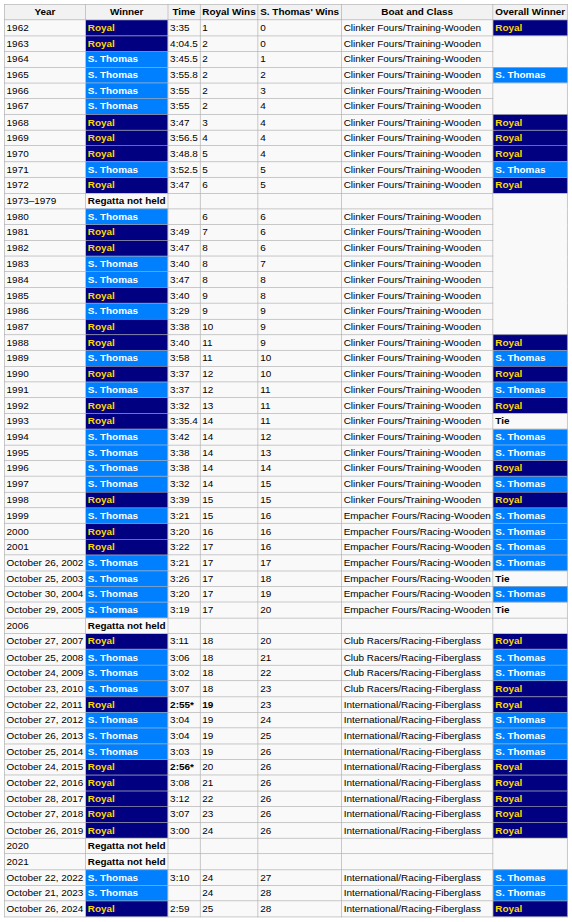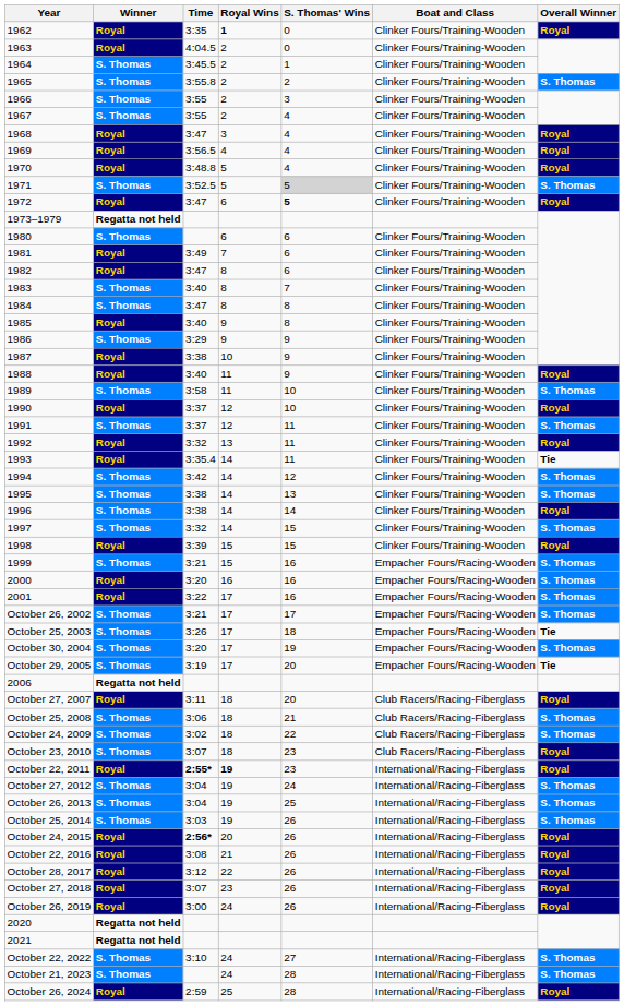 <table class="wikitable">
 <tr>
 <th>Year</th>
 <th>Winner</th>
 <th>Time</th>
 <th>Royal Wins</th>
 <th>S. Thomas' Wins</th>
 <th>Boat and Class</th>
 <th>Overall Winner</th>
 </tr>
 <tr>
 <td>1962</td>
 <td style="background:#000080; color:#FFD700"><strong>Royal</strong></td>
 <td>3:35</td>
-<td>1</td>
+<td><strong>1</strong></td>
 <td>0</td>
 <td>Clinker Fours/Training-Wooden</td>
 <td style="background:#000080; color:#FFD700"><strong>Royal</strong></td>
 </tr>
 <tr>
 <td>1963</td>
 <td style="background:#000080; color:#FFD700"><strong>Royal</strong></td>
 <td>4:04.5</td>
 <td>2</td>
 <td>0</td>
 <td>Clinker Fours/Training-Wooden</td>
 </tr>
 <tr>
 <td>1964</td>
 <td style="background:#007FFF; color:white;"><strong>S. Thomas</strong></td>
 <td>3:45.5</td>
 <td>2</td>
 <td>1</td>
 <td>Clinker Fours/Training-Wooden</td>
 </tr>
 <tr>
 <td>1965</td>
 <td style="background:#007FFF; color:white;"><strong>S. Thomas</strong></td>
 <td>3:55.8</td>
 <td>2</td>
 <td>2</td>
 <td>Clinker Fours/Training-Wooden</td>
 <td style="background:#007FFF; color:white;"><strong>S. Thomas</strong></td>
 </tr>
 <tr>
 <td>1966</td>
 <td style="background:#007FFF; color:white;"><strong>S. Thomas</strong></td>
 <td>3:55</td>
 <td>2</td>
 <td>3</td>
 <td>Clinker Fours/Training-Wooden</td>
 </tr>
 <tr>
 <td>1967</td>
 <td style="background:#007FFF; color:white;"><strong>S. Thomas</strong></td>
 <td>3:55</td>
 <td>2</td>
 <td>4</td>
 <td>Clinker Fours/Training-Wooden</td>
 </tr>
 <tr>
 <td>1968</td>
 <td style="background:#000080; color:#FFD700"><strong>Royal</strong></td>
 <td>3:47</td>
 <td>3</td>
 <td>4</td>
 <td>Clinker Fours/Training-Wooden</td>
 <td style="background:#000080; color:#FFD700"><strong>Royal</strong></td>
 </tr>
 <tr>
 <td>1969</td>
 <td style="background:#000080; color:#FFD700"><strong>Royal</strong></td>
 <td>3:56.5</td>
 <td>4</td>
 <td>4</td>
 <td>Clinker Fours/Training-Wooden</td>
 <td style="background:#000080; color:#FFD700"><strong>Royal</strong></td>
 </tr>
 <tr>
 <td>1970</td>
 <td style="background:#000080; color:#FFD700"><strong>Royal</strong></td>
 <td>3:48.8</td>
 <td>5</td>
 <td>4</td>
 <td>Clinker Fours/Training-Wooden</td>
 <td style="background:#000080; color:#FFD700"><strong>Royal</strong></td>
 </tr>
 <tr>
 <td>1971</td>
 <td style="background:#007FFF; color:white;"><strong>S. Thomas</strong></td>
 <td>3:52.5</td>
 <td>5</td>
-<td>5</td>
+<td style="background: lightgrey;">5</td>
 <td>Clinker Fours/Training-Wooden</td>
 <td style="background:#007FFF; color:white;"><strong>S. Thomas</strong></td>
 </tr>
 <tr>
 <td>1972</td>
 <td style="background:#000080; color:#FFD700"><strong>Royal</strong></td>
 <td>3:47</td>
 <td>6</td>
-<td>5</td>
+<td><strong>5</strong></td>
 <td>Clinker Fours/Training-Wooden</td>
 <td style="background:#000080; color:#FFD700"><strong>Royal</strong></td>
 </tr>
 <tr>
 <td>1973–1979</td>
 <td><strong>Regatta not held</strong></td>
 <td></td>
 <td></td>
 <td></td>
 <td></td>
 </tr>
 <tr>
 <td>1980</td>
 <td style="background:#007FFF; color:white;"><strong>S. Thomas</strong></td>
 <td></td>
 <td>6</td>
 <td>6</td>
 <td>Clinker Fours/Training-Wooden</td>
 </tr>
 <tr>
 <td>1981</td>
 <td style="background:#000080; color:#FFD700"><strong>Royal</strong></td>
 <td>3:49</td>
 <td>7</td>
 <td>6</td>
 <td>Clinker Fours/Training-Wooden</td>
 </tr>
 <tr>
 <td>1982</td>
 <td style="background:#000080; color:#FFD700"><strong>Royal</strong></td>
 <td>3:47</td>
 <td>8</td>
 <td>6</td>
 <td>Clinker Fours/Training-Wooden</td>
 </tr>
 <tr>
 <td>1983</td>
 <td style="background:#007FFF; color:white;"><strong>S. Thomas</strong></td>
 <td>3:40</td>
 <td>8</td>
 <td>7</td>
 <td>Clinker Fours/Training-Wooden</td>
 </tr>
 <tr>
 <td>1984</td>
 <td style="background:#007FFF; color:white;"><strong>S. Thomas</strong></td>
 <td>3:47</td>
 <td>8</td>
 <td>8</td>
 <td>Clinker Fours/Training-Wooden</td>
 </tr>
 <tr>
 <td>1985</td>
 <td style="background:#000080; color:#FFD700"><strong>Royal</strong></td>
 <td>3:40</td>
 <td>9</td>
 <td>8</td>
 <td>Clinker Fours/Training-Wooden</td>
 </tr>
 <tr>
 <td>1986</td>
 <td style="background:#007FFF; color:white;"><strong>S. Thomas</strong></td>
 <td>3:29</td>
 <td>9</td>
 <td>9</td>
 <td>Clinker Fours/Training-Wooden</td>
 </tr>
 <tr>
 <td>1987</td>
 <td style="background:#000080; color:#FFD700"><strong>Royal</strong></td>
 <td>3:38</td>
 <td>10</td>
 <td>9</td>
 <td>Clinker Fours/Training-Wooden</td>
 </tr>
 <tr>
 <td>1988</td>
 <td style="background:#000080; color:#FFD700"><strong>Royal</strong></td>
 <td>3:40</td>
 <td>11</td>
 <td>9</td>
 <td>Clinker Fours/Training-Wooden</td>
 <td style="background:#000080; color:#FFD700"><strong>Royal</strong></td>
 </tr>
 <tr>
 <td>1989</td>
 <td style="background:#007FFF; color:white;"><strong>S. Thomas</strong></td>
 <td>3:58</td>
 <td>11</td>
 <td>10</td>
 <td>Clinker Fours/Training-Wooden</td>
 <td style="background:#007FFF; color:white;"><strong>S. Thomas</strong></td>
 </tr>
 <tr>
 <td>1990</td>
 <td style="background:#000080; color:#FFD700"><strong>Royal</strong></td>
 <td>3:37</td>
 <td>12</td>
 <td>10</td>
 <td>Clinker Fours/Training-Wooden</td>
 <td style="background:#000080; color:#FFD700"><strong>Royal</strong></td>
 </tr>
 <tr>
 <td>1991</td>
 <td style="background:#007FFF; color:white;"><strong>S. Thomas</strong></td>
 <td>3:37</td>
 <td>12</td>
 <td>11</td>
 <td>Clinker Fours/Training-Wooden</td>
 <td style="background:#007FFF; color:white;"><strong>S. Thomas</strong></td>
 </tr>
 <tr>
 <td>1992</td>
 <td style="background:#000080; color:#FFD700"><strong>Royal</strong></td>
 <td>3:32</td>
 <td>13</td>
 <td>11</td>
 <td>Clinker Fours/Training-Wooden</td>
 <td style="background:#000080; color:#FFD700"><strong>Royal</strong></td>
 </tr>
 <tr>
 <td>1993</td>
 <td style="background:#000080; color:#FFD700"><strong>Royal</strong></td>
 <td>3:35.4</td>
 <td>14</td>
 <td>11</td>
 <td>Clinker Fours/Training-Wooden</td>
 <td><strong>Tie</strong></td>
 </tr>
 <tr>
 <td>1994</td>
 <td style="background:#007FFF; color:white;"><strong>S. Thomas</strong></td>
 <td>3:42</td>
 <td>14</td>
 <td>12</td>
 <td>Clinker Fours/Training-Wooden</td>
 <td style="background:#007FFF; color:white;"><strong>S. Thomas</strong></td>
 </tr>
 <tr>
 <td>1995</td>
 <td style="background:#007FFF; color:white;"><strong>S. Thomas</strong></td>
 <td>3:38</td>
 <td>14</td>
 <td>13</td>
 <td>Clinker Fours/Training-Wooden</td>
 <td style="background:#007FFF; color:white;"><strong>S. Thomas</strong></td>
 </tr>
 <tr>
 <td>1996</td>
 <td style="background:#007FFF; color:white;"><strong>S. Thomas</strong></td>
 <td>3:38</td>
 <td>14</td>
 <td>14</td>
 <td>Clinker Fours/Training-Wooden</td>
 <td style="background:#000080; color:#FFD700"><strong>Royal</strong></td>
 </tr>
 <tr>
 <td>1997</td>
 <td style="background:#007FFF; color:white;"><strong>S. Thomas</strong></td>
 <td>3:32</td>
 <td>14</td>
 <td>15</td>
 <td>Clinker Fours/Training-Wooden</td>
 <td style="background:#007FFF; color:white;"><strong>S. Thomas</strong></td>
 </tr>
 <tr>
 <td>1998</td>
 <td style="background:#000080; color:#FFD700"><strong>Royal</strong></td>
 <td>3:39</td>
 <td>15</td>
 <td>15</td>
 <td>Clinker Fours/Training-Wooden</td>
 <td style="background:#000080; color:#FFD700"><strong>Royal</strong></td>
 </tr>
 <tr>
 <td>1999</td>
 <td style="background:#007FFF; color:white;"><strong>S. Thomas</strong></td>
 <td>3:21</td>
 <td>15</td>
 <td>16</td>
 <td>Empacher Fours/Racing-Wooden</td>
 <td style="background:#007FFF; color:white;"><strong>S. Thomas</strong></td>
 </tr>
 <tr>
 <td>2000</td>
 <td style="background:#000080; color:#FFD700"><strong>Royal</strong></td>
 <td>3:20</td>
 <td>16</td>
 <td>16</td>
 <td>Empacher Fours/Racing-Wooden</td>
 <td style="background:#007FFF; color:white;"><strong>S. Thomas</strong></td>
 </tr>
 <tr>
 <td>2001</td>
 <td style="background:#000080; color:#FFD700"><strong>Royal</strong></td>
 <td>3:22</td>
 <td>17</td>
 <td>16</td>
 <td>Empacher Fours/Racing-Wooden</td>
 <td style="background:#007FFF; color:white;"><strong>S. Thomas</strong></td>
 </tr>
 <tr>
 <td>October 26, 2002</td>
 <td style="background:#007FFF; color:white;"><strong>S. Thomas</strong></td>
 <td>3:21</td>
 <td>17</td>
 <td>17</td>
 <td>Empacher Fours/Racing-Wooden</td>
 <td style="background:#007FFF; color:white;"><strong>S. Thomas</strong></td>
 </tr>
 <tr>
 <td>October 25, 2003</td>
 <td style="background:#007FFF; color:white;"><strong>S. Thomas</strong></td>
 <td>3:26</td>
 <td>17</td>
 <td>18</td>
 <td>Empacher Fours/Racing-Wooden</td>
 <td><strong>Tie</strong></td>
 </tr>
 <tr>
 <td>October 30, 2004</td>
 <td style="background:#007FFF; color:white;"><strong>S. Thomas</strong></td>
 <td>3:20</td>
 <td>17</td>
 <td>19</td>
 <td>Empacher Fours/Racing-Wooden</td>
 <td style="background:#007FFF; color:white;"><strong>S. Thomas</strong></td>
 </tr>
 <tr>
 <td>October 29, 2005</td>
 <td style="background:#007FFF; color:white;"><strong>S. Thomas</strong></td>
 <td>3:19</td>
 <td>17</td>
 <td>20</td>
 <td>Empacher Fours/Racing-Wooden</td>
 <td><strong>Tie</strong></td>
 </tr>
 <tr>
 <td>2006</td>
 <td><strong>Regatta not held</strong></td>
 <td></td>
 <td></td>
 <td></td>
 <td></td>
 </tr>
 <tr>
 <td>October 27, 2007</td>
 <td style="background:#000080; color:#FFD700"><strong>Royal</strong></td>
 <td>3:11</td>
 <td>18</td>
 <td>20</td>
 <td>Club Racers/Racing-Fiberglass</td>
 <td style="background:#000080; color:#FFD700"><strong>Royal</strong></td>
 </tr>
 <tr>
 <td>October 25, 2008</td>
 <td style="background:#007FFF; color:white;"><strong>S. Thomas</strong></td>
 <td>3:06</td>
 <td>18</td>
 <td>21</td>
 <td>Club Racers/Racing-Fiberglass</td>
 <td style="background:#007FFF; color:white;"><strong>S. Thomas</strong></td>
 </tr>
 <tr>
 <td>October 24, 2009</td>
 <td style="background:#007FFF; color:white;"><strong>S. Thomas</strong></td>
 <td>3:02</td>
 <td>18</td>
 <td>22</td>
 <td>Club Racers/Racing-Fiberglass</td>
 <td style="background:#007FFF; color:white;"><strong>S. Thomas</strong></td>
 </tr>
 <tr>
 <td>October 23, 2010</td>
 <td style="background:#007FFF; color:white;"><strong>S. Thomas</strong></td>
 <td>3:07</td>
 <td>18</td>
 <td>23</td>
 <td>Club Racers/Racing-Fiberglass</td>
 <td style="background:#000080; color:#FFD700"><strong>Royal</strong></td>
 </tr>
 <tr>
 <td>October 22, 2011</td>
 <td style="background:#000080; color:#FFD700"><strong>Royal</strong></td>
 <td><strong>2:55*</strong></td>
 <td><strong>19</strong></td>
 <td>23</td>
 <td>International/Racing-Fiberglass</td>
 <td style="background:#000080; color:#FFD700"><strong>Royal</strong></td>
 </tr>
 <tr>
 <td>October 27, 2012</td>
 <td style="background:#007FFF; color:white;"><strong>S. Thomas</strong></td>
 <td>3:04</td>
 <td>19</td>
 <td>24</td>
 <td>International/Racing-Fiberglass</td>
 <td style="background:#007FFF; color:white;"><strong>S. Thomas</strong></td>
 </tr>
 <tr>
 <td>October 26, 2013</td>
 <td style="background:#007FFF; color:white;"><strong>S. Thomas</strong></td>
 <td>3:04</td>
 <td>19</td>
 <td>25</td>
 <td>International/Racing-Fiberglass</td>
 <td style="background:#007FFF; color:white;"><strong>S. Thomas</strong></td>
 </tr>
 <tr>
 <td>October 25, 2014</td>
 <td style="background:#007FFF; color:white;"><strong>S. Thomas</strong></td>
 <td>3:03</td>
 <td>19</td>
 <td>26</td>
 <td>International/Racing-Fiberglass</td>
 <td style="background:#007FFF; color:white;"><strong>S. Thomas</strong></td>
 </tr>
 <tr>
 <td>October 24, 2015</td>
 <td style="background:#000080; color:#FFD700"><strong>Royal</strong></td>
 <td><strong>2:56*</strong></td>
 <td>20</td>
 <td>26</td>
 <td>International/Racing-Fiberglass</td>
 <td style="background:#000080; color:#FFD700"><strong>Royal</strong></td>
 </tr>
 <tr>
 <td>October 22, 2016</td>
 <td style="background:#000080; color:#FFD700"><strong>Royal</strong></td>
 <td>3:08</td>
 <td>21</td>
 <td>26</td>
 <td>International/Racing-Fiberglass</td>
 <td style="background:#000080; color:#FFD700"><strong>Royal</strong></td>
 </tr>
 <tr>
 <td>October 28, 2017</td>
 <td style="background:#000080; color:#FFD700"><strong>Royal</strong></td>
 <td>3:12</td>
 <td>22</td>
 <td>26</td>
 <td>International/Racing-Fiberglass</td>
 <td style="background:#000080; color:#FFD700"><strong>Royal</strong></td>
 </tr>
 <tr>
 <td>October 27, 2018</td>
 <td style="background:#000080; color:#FFD700"><strong>Royal</strong></td>
 <td>3:07</td>
 <td>23</td>
 <td>26</td>
 <td>International/Racing-Fiberglass</td>
 <td style="background:#000080; color:#FFD700"><strong>Royal</strong></td>
 </tr>
 <tr>
 <td>October 26, 2019</td>
 <td style="background:#000080; color:#FFD700"><strong>Royal</strong></td>
 <td>3:00</td>
 <td>24</td>
 <td>26</td>
 <td>International/Racing-Fiberglass</td>
 <td style="background:#000080; color:#FFD700"><strong>Royal</strong></td>
 </tr>
 <tr>
 <td>2020</td>
 <td><strong>Regatta not held</strong></td>
 <td></td>
 <td></td>
 <td></td>
 <td></td>
 </tr>
 <tr>
 <td>2021</td>
 <td><strong>Regatta not held</strong></td>
 <td></td>
 <td></td>
 <td></td>
 <td></td>
 </tr>
 <tr>
 <td>October 22, 2022</td>
 <td style="background:#007FFF; color:white;"><strong>S. Thomas</strong></td>
 <td>3:10</td>
 <td>24</td>
 <td>27</td>
 <td>International/Racing-Fiberglass</td>
 <td style="background:#007FFF; color:white;"><strong>S. Thomas</strong></td>
 </tr>
 <tr>
 <td>October 21, 2023</td>
 <td style="background:#007FFF; color:white;"><strong>S. Thomas</strong></td>
 <td></td>
 <td>24</td>
 <td>28</td>
 <td>International/Racing-Fiberglass</td>
 <td style="background:#007FFF; color:white;"><strong>S. Thomas</strong></td>
 </tr>
 <tr>
 <td>October 26, 2024</td>
 <td style="background:#000080; color:#FFD700"><strong>Royal</strong></td>
 <td>2:59</td>
 <td>25</td>
 <td>28</td>
 <td>International/Racing-Fiberglass</td>
 <td style="background:#000080; color:#FFD700"><strong>Royal</strong></td>
 </tr>
 </table>
